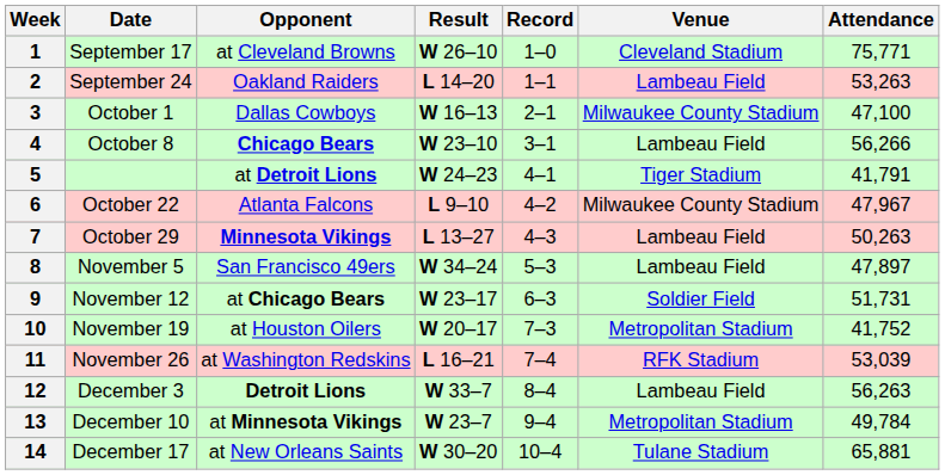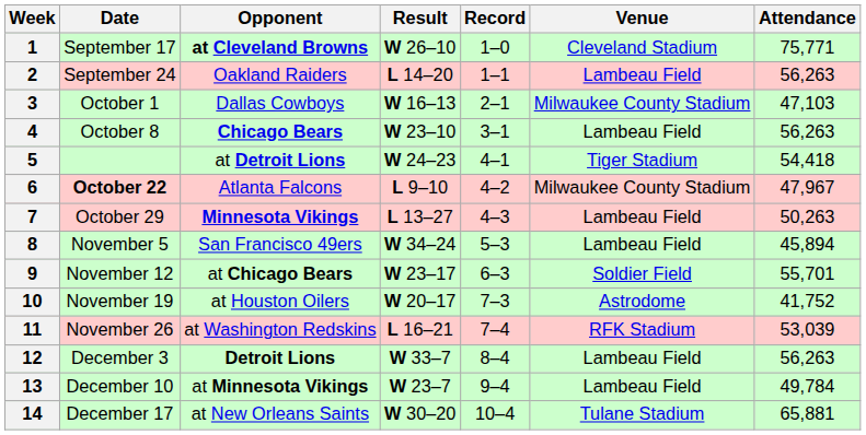 <table class="wikitable" style="text-align:center">
 <tr>
 <th>Week</th>
 <th>Date</th>
 <th>Opponent</th>
 <th>Result</th>
 <th>Record</th>
 <th>Venue</th>
 <th>Attendance</th>
 </tr>
 <tr style="background:#cfc">
 <th>1</th>
 <td>September 17</td>
-<td>at <a href='#'>Cleveland Browns</a></td>
+<td><strong>at <a href='#'>Cleveland Browns</a></strong></td>
 <td><strong>W</strong> 26–10</td>
 <td>1–0</td>
 <td><a href='#'>Cleveland Stadium</a></td>
 <td>75,771</td>
 </tr>
 <tr style="background:#fcc">
 <th>2</th>
 <td>September 24</td>
 <td><a href='#'>Oakland Raiders</a></td>
 <td><strong>L</strong> 14–20</td>
 <td>1–1</td>
 <td><a href='#'>Lambeau Field</a></td>
-<td>53,263</td>
+<td>56,263</td>
 </tr>
 <tr style="background:#cfc">
 <th>3</th>
 <td>October 1</td>
 <td><a href='#'>Dallas Cowboys</a></td>
 <td><strong>W</strong> 16–13</td>
 <td>2–1</td>
 <td><a href='#'>Milwaukee County Stadium</a></td>
-<td>47,100</td>
+<td>47,103</td>
 </tr>
 <tr style="background:#cfc">
 <th>4</th>
 <td>October 8</td>
 <td><strong><a href='#'>Chicago Bears</a></strong></td>
 <td><strong>W</strong> 23–10</td>
 <td>3–1</td>
 <td>Lambeau Field</td>
-<td>56,266</td>
+<td>56,263</td>
 </tr>
 <tr style="background:#cfc">
 <th>5</th>
 <td></td>
 <td>at <strong><a href='#'>Detroit Lions</a></strong></td>
 <td><strong>W</strong> 24–23</td>
 <td>4–1</td>
 <td><a href='#'>Tiger Stadium</a></td>
-<td>41,791</td>
+<td>54,418</td>
 </tr>
 <tr style="background:#fcc">
 <th>6</th>
-<td>October 22</td>
+<td><strong>October 22</strong></td>
 <td><a href='#'>Atlanta Falcons</a></td>
 <td><strong>L</strong> 9–10</td>
 <td>4–2</td>
 <td>Milwaukee County Stadium</td>
 <td>47,967</td>
 </tr>
 <tr style="background:#fcc">
 <th>7</th>
 <td>October 29</td>
 <td><strong><a href='#'>Minnesota Vikings</a></strong></td>
 <td><strong>L</strong> 13–27</td>
 <td>4–3</td>
 <td>Lambeau Field</td>
 <td>50,263</td>
 </tr>
 <tr style="background:#cfc">
 <th>8</th>
 <td>November 5</td>
 <td><a href='#'>San Francisco 49ers</a></td>
 <td><strong>W</strong> 34–24</td>
 <td>5–3</td>
 <td>Lambeau Field</td>
-<td>47,897</td>
+<td>45,894</td>
 </tr>
 <tr style="background:#cfc">
 <th>9</th>
 <td>November 12</td>
 <td>at <strong>Chicago Bears</strong></td>
 <td><strong>W</strong> 23–17</td>
 <td>6–3</td>
 <td><a href='#'>Soldier Field</a></td>
-<td>51,731</td>
+<td>55,701</td>
 </tr>
 <tr style="background:#cfc">
 <th>10</th>
 <td>November 19</td>
 <td>at <a href='#'>Houston Oilers</a></td>
 <td><strong>W</strong> 20–17</td>
 <td>7–3</td>
-<td><a href='#'>Metropolitan Stadium</a></td>
+<td><a href='#'>Astrodome</a></td>
 <td>41,752</td>
 </tr>
 <tr style="background:#fcc">
 <th>11</th>
 <td>November 26</td>
 <td>at <a href='#'>Washington Redskins</a></td>
 <td><strong>L</strong> 16–21</td>
 <td>7–4</td>
 <td><a href='#'>RFK Stadium</a></td>
 <td>53,039</td>
 </tr>
 <tr style="background:#cfc">
 <th>12</th>
 <td>December 3</td>
 <td><strong>Detroit Lions</strong></td>
 <td><strong>W</strong> 33–7</td>
 <td>8–4</td>
 <td>Lambeau Field</td>
 <td>56,263</td>
 </tr>
 <tr style="background:#cfc">
 <th>13</th>
 <td>December 10</td>
 <td>at <strong>Minnesota Vikings</strong></td>
 <td><strong>W</strong> 23–7</td>
 <td>9–4</td>
-<td><a href='#'>Metropolitan Stadium</a></td>
+<td>Lambeau Field</td>
 <td>49,784</td>
 </tr>
 <tr style="background:#cfc">
 <th>14</th>
 <td>December 17</td>
 <td>at <a href='#'>New Orleans Saints</a></td>
 <td><strong>W</strong> 30–20</td>
 <td>10–4</td>
 <td><a href='#'>Tulane Stadium</a></td>
 <td>65,881</td>
 </tr>
 </table>
